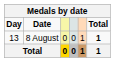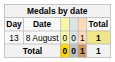 <table class=wikitable style="font-size:85%">
 <tr bgcolor=efefef>
 <th colspan=6>Medals by date</th>
 </tr>
 <tr align=center>
 <td><strong>Day</strong></td>
 <td><strong>Date</strong></td>
 <td bgcolor=#f7f6a8></td>
 <td bgcolor=#dce5e5></td>
 <td bgcolor=#ffdab9></td>
 <td><strong>Total</strong></td>
 </tr>
 <tr align=center>
 <td>13</td>
 <td>8 August</td>
 <td bgcolor=F7F6A8>0</td>
 <td bgcolor=DCE5E5>0</td>
 <td bgcolor=FFDAB9>1</td>
-<td><strong>1</strong></td>
+<td style="background: khaki;"><strong>1</strong></td>
 </tr>
 <tr>
 <th colspan=2>Total</th>
 <th style="background:gold">0</th>
 <th style="background:silver">0</th>
 <th style="background:#c96">1</th>
 <th>1</th>
 </tr>
 </table>
